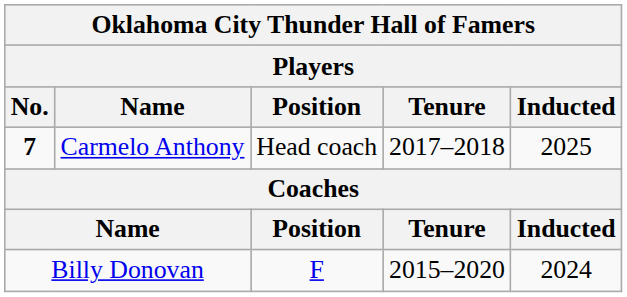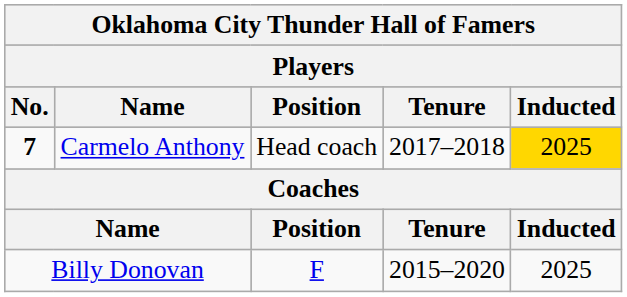 <table class="wikitable" style="text-align:center">
 <tr>
 <th colspan="5">Oklahoma City Thunder Hall of Famers</th>
 </tr>
 <tr>
 <th colspan="5" style="text-align:center; ">Players</th>
 </tr>
 <tr>
 <th>No.</th>
 <th>Name</th>
 <th>Position</th>
 <th>Tenure</th>
 <th>Inducted</th>
 </tr>
 <tr>
 <td><strong>7</strong></td>
 <td><a href='#'>Carmelo Anthony</a></td>
 <td>Head coach</td>
 <td>2017–2018</td>
-<td>2025</td>
+<td style="background: gold;">2025</td>
 </tr>
 <tr>
 <th colspan="5" style="text-align:center; ">Coaches</th>
 </tr>
 <tr>
 <th colspan="2">Name</th>
 <th>Position</th>
 <th>Tenure</th>
 <th>Inducted</th>
 </tr>
 <tr>
 <td colspan="2"><a href='#'>Billy Donovan</a></td>
 <td><a href='#'>F</a></td>
 <td>2015–2020</td>
-<td>2024</td>
+<td>2025</td>
 </tr>
 </table>
